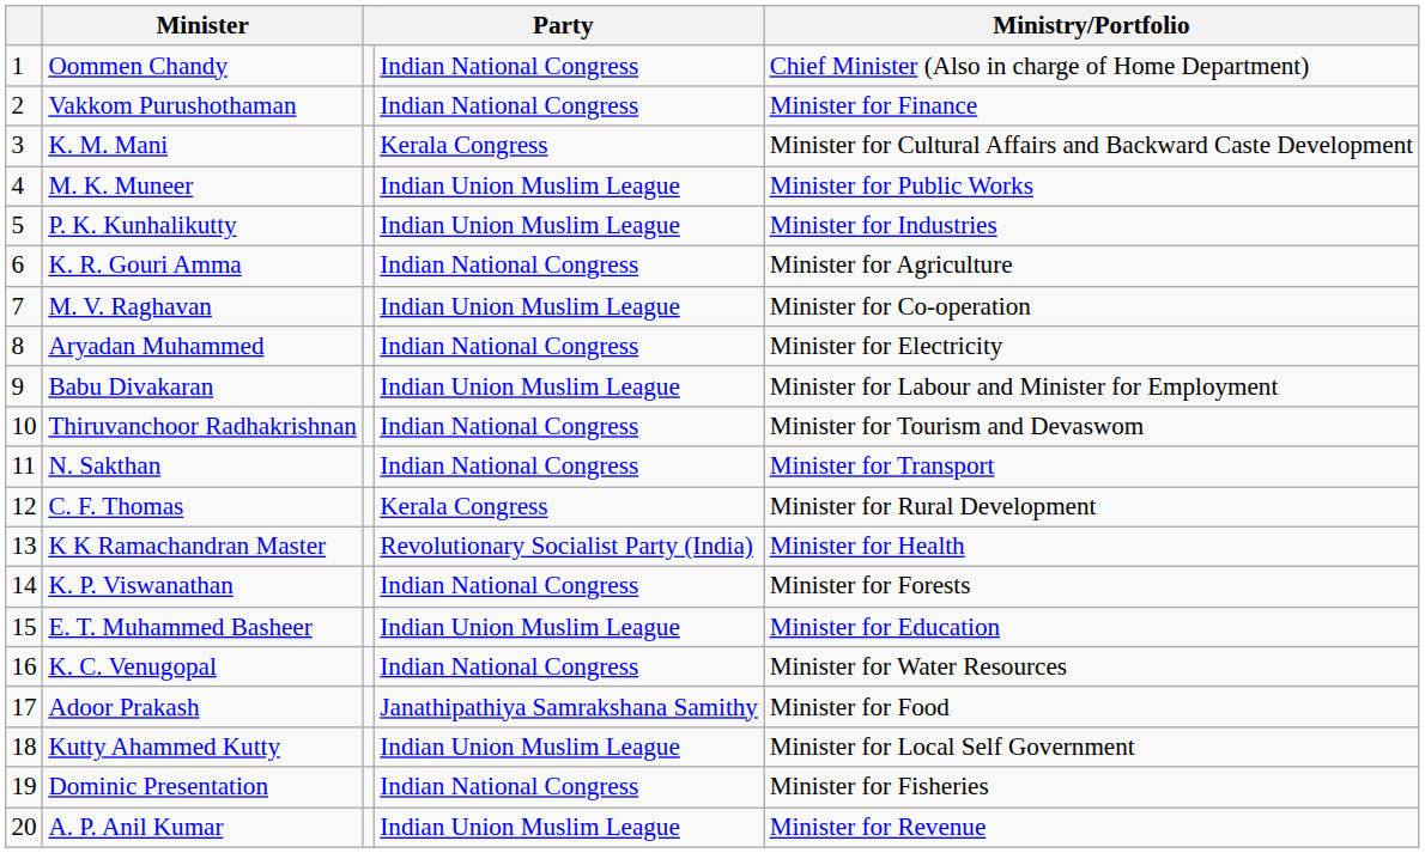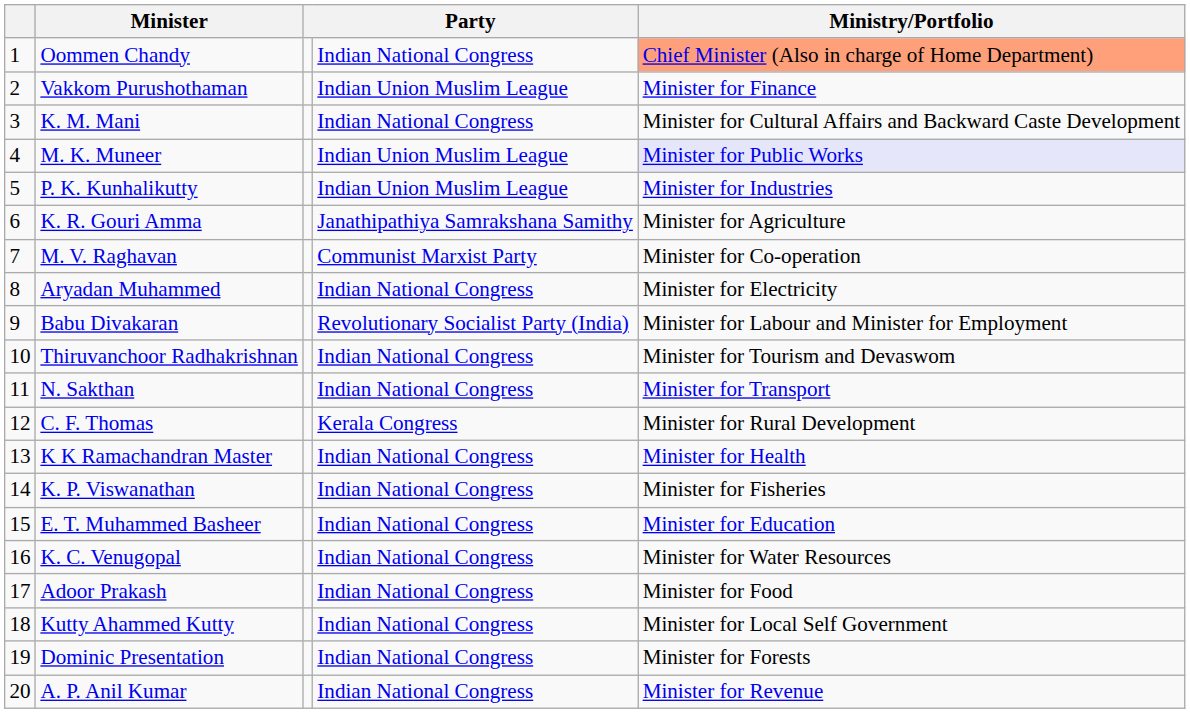 <table class="wikitable">
 <tr>
 <th></th>
 <th>Minister</th>
 <th colspan="2">Party</th>
 <th>Ministry/Portfolio</th>
 </tr>
 <tr>
 <td>1</td>
 <td><a href='#'>Oommen Chandy</a></td>
 <td style="background-color: "></td>
 <td><a href='#'>Indian National Congress</a></td>
-<td><a href='#'>Chief Minister</a> (Also in charge of Home Department)</td>
+<td style="background: lightsalmon;"><a href='#'>Chief Minister</a> (Also in charge of Home Department)</td>
 </tr>
 <tr>
 <td>2</td>
 <td><a href='#'>Vakkom Purushothaman</a></td>
 <td style="background-color: "></td>
-<td><a href='#'>Indian National Congress</a></td>
+<td><a href='#'>Indian Union Muslim League</a></td>
 <td><a href='#'>Minister for Finance</a></td>
 </tr>
 <tr>
 <td>3</td>
 <td><a href='#'>K. M. Mani</a></td>
 <td style="background-color: "></td>
-<td><a href='#'>Kerala Congress</a></td>
+<td><a href='#'>Indian National Congress</a></td>
 <td>Minister for Cultural Affairs and Backward Caste Development</td>
 </tr>
 <tr>
 <td>4</td>
 <td><a href='#'>M. K. Muneer</a></td>
 <td style="background-color: "></td>
 <td><a href='#'>Indian Union Muslim League</a></td>
-<td><a href='#'>Minister for Public Works</a></td>
+<td style="background: lavender;"><a href='#'>Minister for Public Works</a></td>
 </tr>
 <tr>
 <td>5</td>
 <td><a href='#'>P. K. Kunhalikutty</a></td>
 <td style="background-color: "></td>
 <td><a href='#'>Indian Union Muslim League</a></td>
 <td><a href='#'>Minister for Industries</a></td>
 </tr>
 <tr>
 <td>6</td>
 <td><a href='#'>K. R. Gouri Amma</a></td>
 <td></td>
-<td><a href='#'>Indian National Congress</a></td>
+<td><a href='#'>Janathipathiya Samrakshana Samithy</a></td>
 <td>Minister for Agriculture</td>
 </tr>
 <tr>
 <td>7</td>
 <td><a href='#'>M. V. Raghavan</a></td>
 <td></td>
-<td><a href='#'>Indian Union Muslim League</a></td>
+<td><a href='#'>Communist Marxist Party</a></td>
 <td>Minister for Co-operation</td>
 </tr>
 <tr>
 <td>8</td>
 <td><a href='#'>Aryadan Muhammed</a></td>
 <td style="background-color: "></td>
 <td><a href='#'>Indian National Congress</a></td>
 <td>Minister for Electricity</td>
 </tr>
 <tr>
 <td>9</td>
 <td><a href='#'>Babu Divakaran</a></td>
 <td></td>
-<td><a href='#'>Indian Union Muslim League</a></td>
+<td><a href='#'>Revolutionary Socialist Party (India)</a></td>
 <td>Minister for Labour and Minister for Employment</td>
 </tr>
 <tr>
 <td>10</td>
 <td><a href='#'>Thiruvanchoor Radhakrishnan</a></td>
 <td style="background-color: "></td>
 <td><a href='#'>Indian National Congress</a></td>
 <td>Minister for Tourism and Devaswom</td>
 </tr>
 <tr>
 <td>11</td>
 <td><a href='#'>N. Sakthan</a></td>
 <td style="background-color: "></td>
 <td><a href='#'>Indian National Congress</a></td>
 <td><a href='#'>Minister for Transport</a></td>
 </tr>
 <tr>
 <td>12</td>
 <td><a href='#'>C. F. Thomas</a></td>
 <td style="background-color: "></td>
 <td><a href='#'>Kerala Congress</a></td>
 <td>Minister for Rural Development</td>
 </tr>
 <tr>
 <td>13</td>
 <td><a href='#'>K K Ramachandran Master</a></td>
 <td style="background-color: "></td>
-<td><a href='#'>Revolutionary Socialist Party (India)</a></td>
+<td><a href='#'>Indian National Congress</a></td>
 <td><a href='#'>Minister for Health</a></td>
 </tr>
 <tr>
 <td>14</td>
 <td><a href='#'>K. P. Viswanathan</a></td>
 <td style="background-color: "></td>
 <td><a href='#'>Indian National Congress</a></td>
-<td>Minister for Forests</td>
+<td>Minister for Fisheries</td>
 </tr>
 <tr>
 <td>15</td>
 <td><a href='#'>E. T. Muhammed Basheer</a></td>
 <td style="background-color: "></td>
-<td><a href='#'>Indian Union Muslim League</a></td>
+<td><a href='#'>Indian National Congress</a></td>
 <td><a href='#'>Minister for Education</a></td>
 </tr>
 <tr>
 <td>16</td>
 <td><a href='#'>K. C. Venugopal</a></td>
 <td style="background-color: "></td>
 <td><a href='#'>Indian National Congress</a></td>
 <td>Minister for Water Resources</td>
 </tr>
 <tr>
 <td>17</td>
 <td><a href='#'>Adoor Prakash</a></td>
 <td style="background-color: "></td>
-<td><a href='#'>Janathipathiya Samrakshana Samithy</a></td>
+<td><a href='#'>Indian National Congress</a></td>
 <td>Minister for Food</td>
 </tr>
 <tr>
 <td>18</td>
 <td><a href='#'>Kutty Ahammed Kutty</a></td>
 <td style="background-color: "></td>
-<td><a href='#'>Indian Union Muslim League</a></td>
+<td><a href='#'>Indian National Congress</a></td>
 <td>Minister for Local Self Government</td>
 </tr>
 <tr>
 <td>19</td>
 <td><a href='#'>Dominic Presentation</a></td>
 <td style="background-color: "></td>
 <td><a href='#'>Indian National Congress</a></td>
-<td>Minister for Fisheries</td>
+<td>Minister for Forests</td>
 </tr>
 <tr>
 <td>20</td>
 <td><a href='#'>A. P. Anil Kumar</a></td>
 <td style="background-color: "></td>
-<td><a href='#'>Indian Union Muslim League</a></td>
+<td><a href='#'>Indian National Congress</a></td>
 <td><a href='#'>Minister for Revenue</a></td>
 </tr>
 </table>
